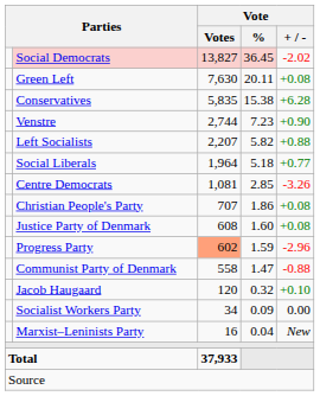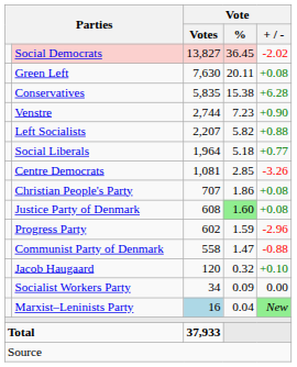 <table class="wikitable" style="text-align:right;">
 <tr>
 <th style="text-align:centre;" rowspan="2" colspan="2" width="225">Parties</th>
 <th colspan="3">Vote</th>
 </tr>
 <tr>
 <th width="15">Votes</th>
 <th width="15">%</th>
 <th width="15">+ / -</th>
 </tr>
 <tr>
 <td width="2" style="color:inherit;background:"></td>
 <td bgcolor=#fbd0ce  align="left"><a href='#'>Social Democrats</a></td>
 <td bgcolor=#fbd0ce>13,827</td>
 <td bgcolor=#fbd0ce>36.45</td>
 <td style=color:red;>-2.02</td>
 </tr>
 <tr>
 <td width="2" style="color:inherit;background:"></td>
 <td align="left"><a href='#'>Green Left</a></td>
 <td>7,630</td>
 <td>20.11</td>
 <td style=color:green;>+0.08</td>
 </tr>
 <tr>
 <td width="2" style="color:inherit;background:"></td>
 <td align="left"><a href='#'>Conservatives</a></td>
 <td>5,835</td>
 <td>15.38</td>
 <td style=color:green;>+6.28</td>
 </tr>
 <tr>
 <td width="2" style="color:inherit;background:"></td>
 <td align="left"><a href='#'>Venstre</a></td>
 <td>2,744</td>
 <td>7.23</td>
 <td style=color:green;>+0.90</td>
 </tr>
 <tr>
 <td width="2" style="color:inherit;background:"></td>
 <td align="left"><a href='#'>Left Socialists</a></td>
 <td>2,207</td>
 <td>5.82</td>
 <td style=color:green;>+0.88</td>
 </tr>
 <tr>
 <td width="2" style="color:inherit;background:"></td>
 <td align="left"><a href='#'>Social Liberals</a></td>
 <td>1,964</td>
 <td>5.18</td>
 <td style=color:green;>+0.77</td>
 </tr>
 <tr>
 <td width="2" style="color:inherit;background:"></td>
 <td align="left"><a href='#'>Centre Democrats</a></td>
 <td>1,081</td>
 <td>2.85</td>
 <td style=color:red;>-3.26</td>
 </tr>
 <tr>
 <td width="2" style="color:inherit;background:"></td>
 <td align="left"><a href='#'>Christian People's Party</a></td>
 <td>707</td>
 <td>1.86</td>
 <td style=color:green;>+0.08</td>
 </tr>
 <tr>
 <td width="2" style="color:inherit;background:"></td>
 <td align="left"><a href='#'>Justice Party of Denmark</a></td>
 <td>608</td>
-<td>1.60</td>
+<td style="background: lightgreen;">1.60</td>
 <td style=color:green;>+0.08</td>
 </tr>
 <tr>
 <td width="2" style="color:inherit;background:"></td>
 <td align="left"><a href='#'>Progress Party</a></td>
-<td style="background: lightsalmon;">602</td>
+<td>602</td>
 <td>1.59</td>
 <td style=color:red;>-2.96</td>
 </tr>
 <tr>
 <td width="2" style="color:inherit;background:"></td>
 <td align="left"><a href='#'>Communist Party of Denmark</a></td>
 <td>558</td>
 <td>1.47</td>
 <td style=color:red;>-0.88</td>
 </tr>
 <tr>
 <td width="2" style="color:inherit;background:"></td>
 <td align="left"><a href='#'>Jacob Haugaard</a></td>
 <td>120</td>
 <td>0.32</td>
 <td style=color:green;>+0.10</td>
 </tr>
 <tr>
 <td width="2" style="color:inherit;background:"></td>
 <td align="left"><a href='#'>Socialist Workers Party</a></td>
 <td>34</td>
 <td>0.09</td>
 <td>0.00</td>
 </tr>
 <tr>
 <td width="2" style="color:inherit;background:"></td>
 <td align="left"><a href='#'>Marxist–Leninists Party</a></td>
-<td>16</td>
+<td style="background: lightblue;">16</td>
 <td>0.04</td>
-<td><em>New</em></td>
+<td style="background: lightgreen;"><em>New</em></td>
 </tr>
 <tr>
 <td colspan="7" bgcolor="#E9E9E9"></td>
 </tr>
 <tr>
 <td align="left" colspan="2"><strong>Total</strong></td>
 <td><strong>37,933</strong></td>
 <td bgcolor="#E9E9E9" colspan="2"></td>
 </tr>
 <tr>
 <td align="left" colspan="6">Source</td>
 </tr>
 </table>
